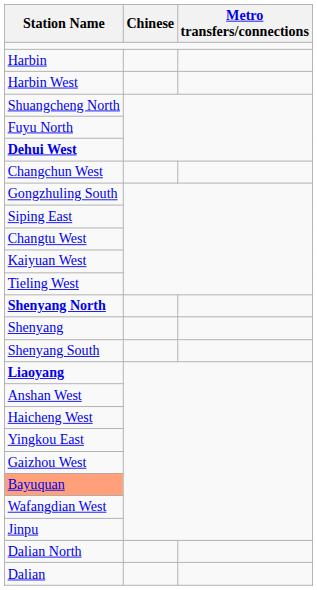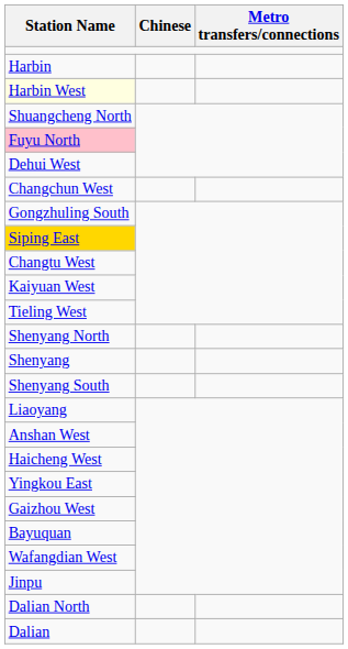 <table class="wikitable">
 <tr>
 <th>Station Name</th>
 <th>Chinese<br> </th>
 <th><a href='#'>Metro</a><br>transfers/connections<br></th>
 </tr>
 <tr style="background:#">
 <td colspan = "11"></td>
 </tr>
 <tr>
 <td><a href='#'>Harbin</a></td>
 <td></td>
 <td> </td>
 </tr>
 <tr>
-<td><a href='#'>Harbin West</a></td>
+<td style="background: lightyellow;"><a href='#'>Harbin West</a></td>
 <td></td>
 <td> </td>
 </tr>
 <tr>
 <td><a href='#'>Shuangcheng North</a></td>
 </tr>
 <tr>
-<td><a href='#'>Fuyu North</a></td>
+<td style="background: pink;"><a href='#'>Fuyu North</a></td>
 </tr>
 <tr>
-<td><strong><a href='#'>Dehui West</a></strong></td>
+<td><a href='#'>Dehui West</a></td>
 </tr>
 <tr>
 <td><a href='#'>Changchun West</a></td>
 <td></td>
 <td> </td>
 </tr>
 <tr>
 <td><a href='#'>Gongzhuling South</a></td>
 </tr>
 <tr>
-<td><a href='#'>Siping East</a></td>
+<td style="background: gold;"><a href='#'>Siping East</a></td>
 </tr>
 <tr>
 <td><a href='#'>Changtu West</a></td>
 </tr>
 <tr>
 <td><a href='#'>Kaiyuan West</a></td>
 </tr>
 <tr>
 <td><a href='#'>Tieling West</a></td>
 </tr>
 <tr>
-<td><strong><a href='#'>Shenyang North</a></strong></td>
+<td><a href='#'>Shenyang North</a></td>
 <td></td>
 <td> </td>
 </tr>
 <tr>
 <td><a href='#'>Shenyang</a></td>
 <td></td>
 <td> </td>
 </tr>
 <tr>
 <td><a href='#'>Shenyang South</a></td>
 <td></td>
 <td></td>
 </tr>
 <tr>
-<td><strong><a href='#'>Liaoyang</a></strong></td>
+<td><a href='#'>Liaoyang</a></td>
 </tr>
 <tr>
 <td><a href='#'>Anshan West</a></td>
 </tr>
 <tr>
 <td><a href='#'>Haicheng West</a></td>
 </tr>
 <tr>
 <td><a href='#'>Yingkou East</a></td>
 </tr>
 <tr>
 <td><a href='#'>Gaizhou West</a></td>
 </tr>
 <tr>
-<td style="background: lightsalmon;"><a href='#'>Bayuquan</a></td>
+<td><a href='#'>Bayuquan</a></td>
 </tr>
 <tr>
 <td><a href='#'>Wafangdian West</a></td>
 </tr>
 <tr>
 <td><a href='#'>Jinpu</a></td>
 </tr>
 <tr>
 <td><a href='#'>Dalian North</a></td>
 <td></td>
 <td>  </td>
 </tr>
 <tr>
 <td><a href='#'>Dalian</a></td>
 <td></td>
 <td>  </td>
 </tr>
 </table>
